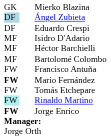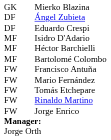 <table cellspacing="0" cellpadding="0" style="font-size:90%; margin:0.2em auto;">
 <tr>
 <th width="25"></th>
 <th width="25"></th>
 </tr>
 <tr>
 <td>GK</td>
 <td></td>
 <td> Mierko Blazina</td>
 </tr>
 <tr>
-<td style="background: lightblue;">DF</td>
+<td>DF</td>
 <td></td>
 <td> <a href='#'>Ángel Zubieta</a></td>
 </tr>
 <tr>
 <td>DF</td>
 <td></td>
 <td> Eduardo Crespi</td>
 </tr>
 <tr>
 <td>MF</td>
 <td></td>
 <td> Isidro D'Adario</td>
 </tr>
 <tr>
 <td>MF</td>
 <td></td>
 <td> Héctor Barchielli</td>
 </tr>
 <tr>
 <td>MF</td>
 <td></td>
 <td> Bartolomé Colombo</td>
 </tr>
 <tr>
 <td>FW</td>
 <td></td>
 <td> Francisco Antuña</td>
 </tr>
 <tr>
-<td><strong>FW</strong></td>
+<td>FW</td>
 <td></td>
 <td> Mario Fernández</td>
 </tr>
 <tr>
 <td>FW</td>
 <td></td>
 <td> Tomás Etchepare</td>
 </tr>
 <tr>
-<td style="background: paleturquoise;">FW</td>
+<td>FW</td>
 <td></td>
 <td> <a href='#'>Rinaldo Martino</a></td>
 </tr>
 <tr>
-<td><strong>FW</strong></td>
+<td>FW</td>
 <td></td>
 <td> Jorge Enrico</td>
 </tr>
 <tr>
 <td colspan=4><strong>Manager:</strong></td>
 </tr>
 <tr>
 <td colspan="4"> Jorge Orth</td>
 </tr>
 </table>
